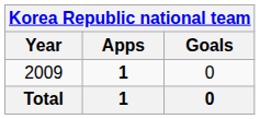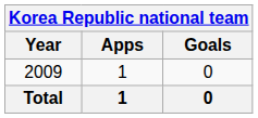 <table class="wikitable" style="text-align:center">
 <tr>
 <th colspan=3><a href='#'>Korea Republic national team</a></th>
 </tr>
 <tr>
 <th>Year</th>
 <th>Apps</th>
 <th>Goals</th>
 </tr>
 <tr>
 <td>2009</td>
-<td><strong>1</strong></td>
+<td>1</td>
 <td>0</td>
 </tr>
 <tr>
 <th>Total</th>
 <th>1</th>
 <th>0</th>
 </tr>
 </table>
